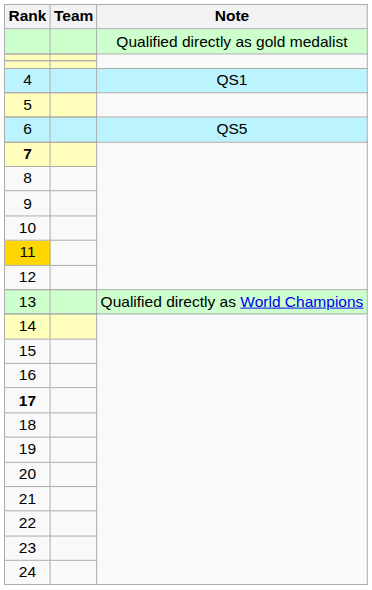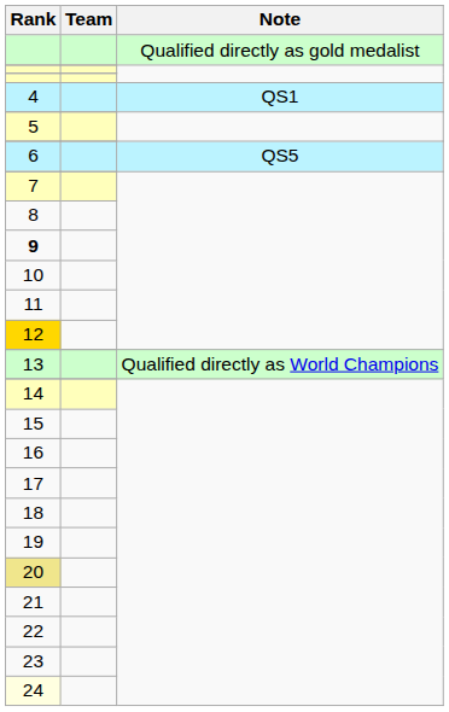 <table class="wikitable" style="text-align: center;">
 <tr>
 <th width=40>Rank</th>
 <th>Team</th>
 <th>Note</th>
 </tr>
 <tr bgcolor=ccffcc>
 <td></td>
 <td align=left></td>
 <td>Qualified directly as gold medalist</td>
 </tr>
 <tr>
 </tr>
 <tr bgcolor=FFFFBB>
 <td></td>
 <td align=left></td>
 </tr>
 <tr>
 </tr>
 <tr bgcolor=FFFFBB>
 <td></td>
 <td align=left></td>
 </tr>
 <tr>
 </tr>
 <tr bgcolor=BBF3FF>
 <td>4</td>
 <td align=left></td>
 <td>QS1</td>
 </tr>
 <tr>
 </tr>
 <tr bgcolor=FFFFBB>
 <td>5</td>
 <td align=left></td>
 </tr>
 <tr>
 </tr>
 <tr bgcolor=BBF3FF>
 <td>6</td>
 <td align=left></td>
 <td>QS5</td>
 </tr>
 <tr>
 </tr>
 <tr bgcolor=FFFFBB>
-<td><strong>7</strong></td>
+<td>7</td>
 <td align=left></td>
 </tr>
 <tr>
 <td>8</td>
 <td align=left></td>
 </tr>
 <tr>
-<td>9</td>
+<td><strong>9</strong></td>
 <td align=left></td>
 </tr>
 <tr>
 <td>10</td>
 <td align=left></td>
 </tr>
 <tr>
-<td style="background: gold;">11</td>
+<td>11</td>
 <td align=left></td>
 </tr>
 <tr>
-<td>12</td>
+<td style="background: gold;">12</td>
 <td align=left></td>
 </tr>
 <tr>
 </tr>
 <tr bgcolor=ccffcc>
 <td>13</td>
 <td align=left></td>
 <td>Qualified directly as <a href='#'>World Champions</a></td>
 </tr>
 <tr>
 </tr>
 <tr bgcolor=FFFFBB>
 <td>14</td>
 <td align=left></td>
 </tr>
 <tr>
 <td>15</td>
 <td align=left></td>
 </tr>
 <tr>
 <td>16</td>
 <td align=left></td>
 </tr>
 <tr>
-<td><strong>17</strong></td>
+<td>17</td>
 <td align=left></td>
 </tr>
 <tr>
 <td>18</td>
 <td align=left></td>
 </tr>
 <tr>
 <td>19</td>
 <td align=left></td>
 </tr>
 <tr>
-<td>20</td>
+<td style="background: khaki;">20</td>
 <td align=left></td>
 </tr>
 <tr>
 <td>21</td>
 <td align=left></td>
 </tr>
 <tr>
 <td>22</td>
 <td align=left></td>
 </tr>
 <tr>
 <td>23</td>
 <td align=left></td>
 </tr>
 <tr>
-<td>24</td>
+<td style="background: lightyellow;">24</td>
 <td align=left></td>
 </tr>
 </table>
